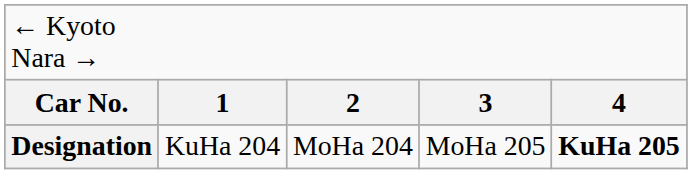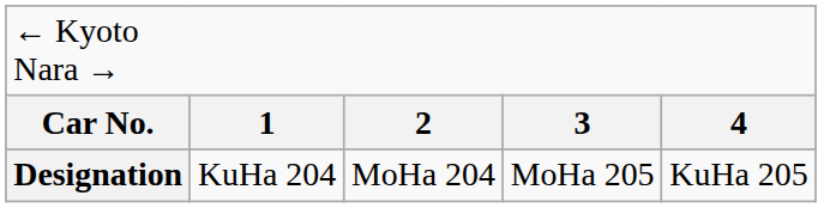 <table class="wikitable">
 <tr>
 <td colspan="5"><div>← Kyoto</div><div>Nara →</div></td>
 </tr>
 <tr>
 <th>Car No.</th>
 <th>1</th>
 <th>2</th>
 <th>3</th>
 <th>4</th>
 </tr>
 <tr>
 <th>Designation</th>
 <td>KuHa 204</td>
 <td>MoHa 204</td>
 <td>MoHa 205</td>
-<td><strong>KuHa 205</strong></td>
+<td>KuHa 205</td>
 </tr>
 </table>
